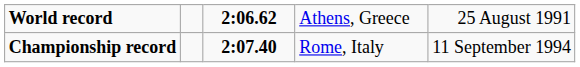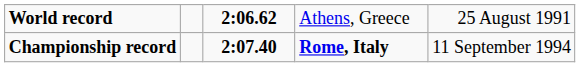 <table class="wikitable">
 <tr>
 <td><strong>World record</strong></td>
 <td style="padding-right:1em"></td>
 <td style="text-align:center;padding-left:1em; padding-right:1em;"><strong>2:06.62</strong></td>
 <td style="padding-right:1em"><a href='#'>Athens</a>, Greece</td>
 <td align=right>25 August 1991</td>
 </tr>
 <tr>
 <td><strong>Championship record</strong></td>
 <td style="padding-right:1em"></td>
 <td style="text-align:center;padding-left:1em; padding-right:1em;"><strong>2:07.40</strong></td>
-<td style="padding-right:1em"><a href='#'>Rome</a>, Italy</td>
+<td style="padding-right:1em"><strong><a href='#'>Rome</a>, Italy</strong></td>
 <td align=right>11 September 1994</td>
 </tr>
 </table>
